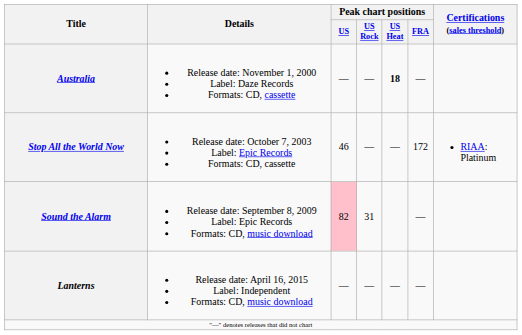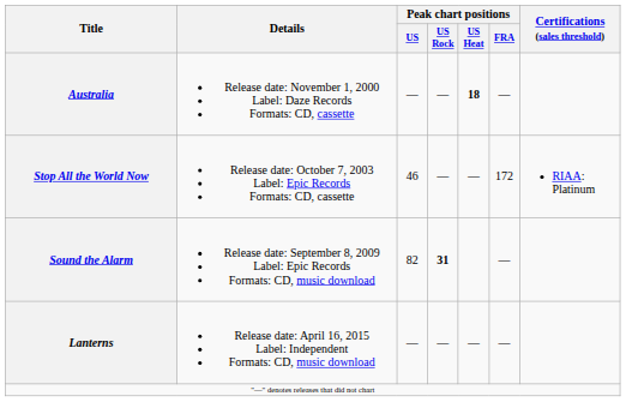 <table class="wikitable plainrowheaders" style="text-align:center;">
 <tr>
 <th rowspan="2" style="width:14em;">Title</th>
 <th rowspan="2" style="width:18em;">Details</th>
 <th colspan="4">Peak chart positions</th>
 <th rowspan="2" style="width:8em;"><a href='#'>Certifications</a><br><small>(<a href='#'>sales threshold</a>)</small></th>
 </tr>
 <tr style="font-size:smaller;">
 <th style="width:35px;"><a href='#'>US</a><br></th>
 <th style="width:35px;"><a href='#'>US Rock</a><br></th>
 <th style="width:35px;"><a href='#'>US Heat</a><br></th>
 <th style="width:35px;"><a href='#'>FRA</a><br></th>
 </tr>
 <tr>
 <th scope="row"><em><a href='#'>Australia</a></em></th>
 <td><br><ul><li>Release date: November 1, 2000</li><li>Label: Daze Records</li><li>Formats: CD, <a href='#'>cassette</a></li></ul></td>
 <td>—</td>
 <td>—</td>
 <td><strong>18</strong></td>
 <td>—</td>
 <td></td>
 </tr>
 <tr>
 <th scope="row"><em><a href='#'>Stop All the World Now</a></em></th>
 <td><br><ul><li>Release date: October 7, 2003</li><li>Label: <a href='#'>Epic Records</a></li><li>Formats: CD, cassette</li></ul></td>
 <td>46</td>
 <td>—</td>
 <td>—</td>
 <td>172</td>
 <td style="text-align:left;"><br><ul><li><a href='#'>RIAA</a>: Platinum</li></ul></td>
 </tr>
 <tr>
 <th scope="row"><em><a href='#'>Sound the Alarm</a></em></th>
 <td><br><ul><li>Release date: September 8, 2009</li><li>Label: Epic Records</li><li>Formats: CD, <a href='#'>music download</a></li></ul></td>
-<td style="background: pink;">82</td>
-<td>31</td>
+<td>82</td>
+<td><strong>31</strong></td>
 <td></td>
 <td>—</td>
 <td></td>
 </tr>
 <tr>
 <th scope="row"><em>Lanterns</em></th>
 <td><br><ul><li>Release date: April 16, 2015</li><li>Label: Independent</li><li>Formats: CD, <a href='#'>music download</a></li></ul></td>
 <td>—</td>
 <td>—</td>
 <td>—</td>
 <td>—</td>
 <td></td>
 </tr>
 <tr>
 <td colspan="10" style="font-size:8pt">"—" denotes releases that did not chart</td>
 </tr>
 </table>
